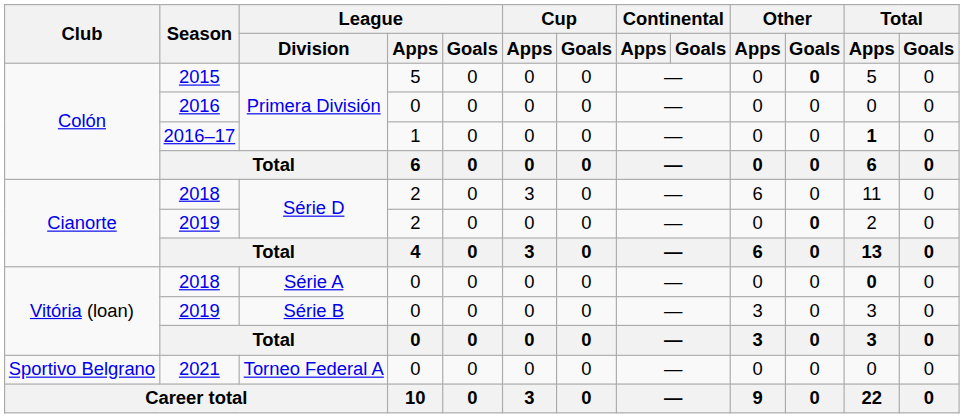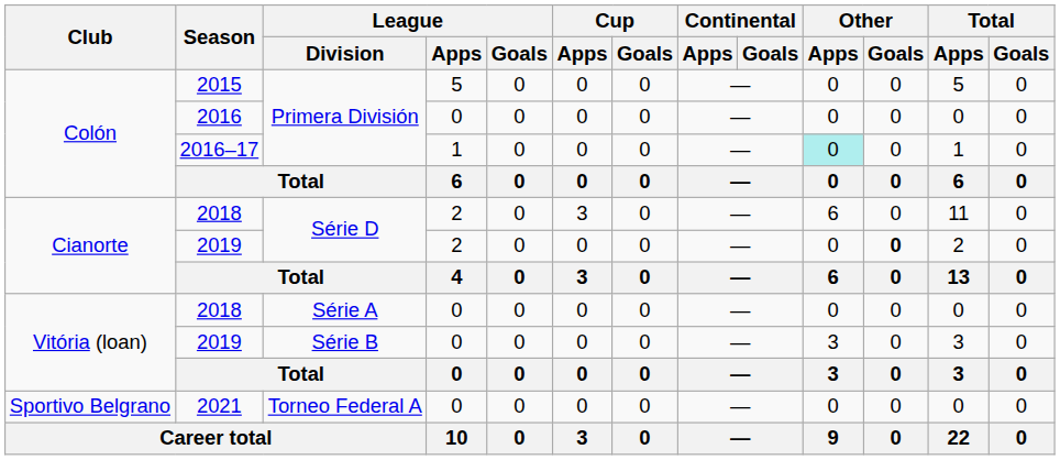 <table class="wikitable" style="text-align:center">
 <tr>
 <th rowspan="2">Club</th>
 <th rowspan="2">Season</th>
 <th colspan="3">League</th>
 <th colspan="2">Cup</th>
 <th colspan="2">Continental</th>
 <th colspan="2">Other</th>
 <th colspan="2">Total</th>
 </tr>
 <tr>
 <th>Division</th>
 <th>Apps</th>
 <th>Goals</th>
 <th>Apps</th>
 <th>Goals</th>
 <th>Apps</th>
 <th>Goals</th>
 <th>Apps</th>
 <th>Goals</th>
 <th>Apps</th>
 <th>Goals</th>
 </tr>
 <tr>
 <td rowspan="4"><a href='#'>Colón</a></td>
 <td><a href='#'>2015</a></td>
 <td rowspan="3"><a href='#'>Primera División</a></td>
 <td>5</td>
 <td>0</td>
 <td>0</td>
 <td>0</td>
 <td colspan="2">—</td>
 <td>0</td>
-<td><strong>0</strong></td>
+<td>0</td>
 <td>5</td>
 <td>0</td>
 </tr>
 <tr>
 <td><a href='#'>2016</a></td>
 <td>0</td>
 <td>0</td>
 <td>0</td>
 <td>0</td>
 <td colspan="2">—</td>
 <td>0</td>
 <td>0</td>
 <td>0</td>
 <td>0</td>
 </tr>
 <tr>
 <td><a href='#'>2016–17</a></td>
 <td>1</td>
 <td>0</td>
 <td>0</td>
 <td>0</td>
 <td colspan="2">—</td>
+<td style="background: paleturquoise;">0</td>
 <td>0</td>
-<td>0</td>
-<td><strong>1</strong></td>
+<td>1</td>
 <td>0</td>
 </tr>
 <tr>
 <th colspan="2">Total</th>
 <th>6</th>
 <th>0</th>
 <th>0</th>
 <th>0</th>
 <th colspan="2">—</th>
 <th>0</th>
 <th>0</th>
 <th>6</th>
 <th>0</th>
 </tr>
 <tr>
 <td rowspan="3"><a href='#'>Cianorte</a></td>
 <td><a href='#'>2018</a></td>
 <td rowspan="2"><a href='#'>Série D</a></td>
 <td>2</td>
 <td>0</td>
 <td>3</td>
 <td>0</td>
 <td colspan="2">—</td>
 <td>6</td>
 <td>0</td>
 <td>11</td>
 <td>0</td>
 </tr>
 <tr>
 <td><a href='#'>2019</a></td>
 <td>2</td>
 <td>0</td>
 <td>0</td>
 <td>0</td>
 <td colspan="2">—</td>
 <td>0</td>
 <td><strong>0</strong></td>
 <td>2</td>
 <td>0</td>
 </tr>
 <tr>
 <th colspan="2">Total</th>
 <th>4</th>
 <th>0</th>
 <th>3</th>
 <th>0</th>
 <th colspan="2">—</th>
 <th>6</th>
 <th>0</th>
 <th>13</th>
 <th>0</th>
 </tr>
 <tr>
 <td rowspan="3"><a href='#'>Vitória</a> (loan)</td>
 <td><a href='#'>2018</a></td>
 <td rowspan="1"><a href='#'>Série A</a></td>
 <td>0</td>
 <td>0</td>
 <td>0</td>
 <td>0</td>
 <td colspan="2">—</td>
 <td>0</td>
 <td>0</td>
-<td><strong>0</strong></td>
+<td>0</td>
 <td>0</td>
 </tr>
 <tr>
 <td><a href='#'>2019</a></td>
 <td rowspan="1"><a href='#'>Série B</a></td>
 <td>0</td>
 <td>0</td>
 <td>0</td>
 <td>0</td>
 <td colspan="2">—</td>
 <td>3</td>
 <td>0</td>
 <td>3</td>
 <td>0</td>
 </tr>
 <tr>
 <th colspan="2">Total</th>
 <th>0</th>
 <th>0</th>
 <th>0</th>
 <th>0</th>
 <th colspan="2">—</th>
 <th>3</th>
 <th>0</th>
 <th>3</th>
 <th>0</th>
 </tr>
 <tr>
 <td rowspan="1"><a href='#'>Sportivo Belgrano</a></td>
 <td><a href='#'>2021</a></td>
 <td rowspan="1"><a href='#'>Torneo Federal A</a></td>
 <td>0</td>
 <td>0</td>
 <td>0</td>
 <td>0</td>
 <td colspan="2">—</td>
 <td>0</td>
 <td>0</td>
 <td>0</td>
 <td>0</td>
 </tr>
 <tr>
 <th colspan="3">Career total</th>
 <th>10</th>
 <th>0</th>
 <th>3</th>
 <th>0</th>
 <th colspan="2">—</th>
 <th>9</th>
 <th>0</th>
 <th>22</th>
 <th>0</th>
 </tr>
 </table>
